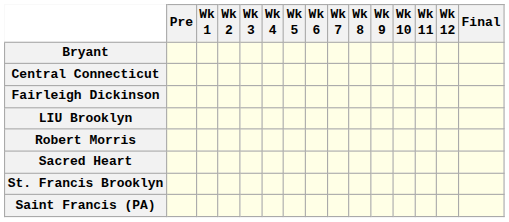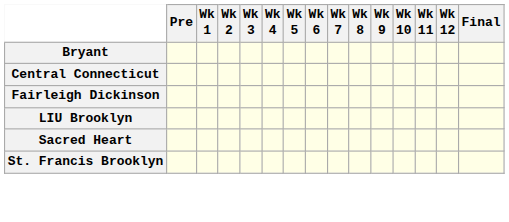 <table class="wikitable" style="white-space:nowrap;font-size:90%;">
 <tr>
 <th style="background:white; border-top-style:hidden; border-left-style:hidden;"> </th>
 <th>Pre</th>
 <th>Wk<br>1</th>
 <th>Wk<br>2</th>
 <th>Wk<br>3</th>
 <th>Wk<br>4</th>
 <th>Wk<br>5</th>
 <th>Wk<br>6</th>
 <th>Wk<br>7</th>
 <th>Wk<br>8</th>
 <th>Wk<br>9</th>
 <th>Wk<br>10</th>
 <th>Wk<br>11</th>
 <th>Wk<br>12</th>
 <th>Final</th>
 </tr>
 <tr style="text-align:center;">
 <th style="background:#">Bryant</th>
 <td style="background:#FFFFE6;"></td>
 <td style="background:#FFFFE6;"></td>
 <td style="background:#FFFFE6;"></td>
 <td style="background:#FFFFE6;"></td>
 <td style="background:#FFFFE6;"></td>
 <td style="background:#FFFFE6;"></td>
 <td style="background:#FFFFE6;"></td>
 <td style="background:#FFFFE6;"></td>
 <td style="background:#FFFFE6;"></td>
 <td style="background:#FFFFE6;"></td>
 <td style="background:#FFFFE6;"></td>
 <td style="background:#FFFFE6;"></td>
 <td style="background:#FFFFE6;"></td>
 <td style="background:#FFFFE6;"></td>
 </tr>
 <tr style="text-align:center;">
 <th style="background:#">Central Connecticut</th>
 <td style="background:#FFFFE6;"></td>
 <td style="background:#FFFFE6;"></td>
 <td style="background:#FFFFE6;"></td>
 <td style="background:#FFFFE6;"></td>
 <td style="background:#FFFFE6;"></td>
 <td style="background:#FFFFE6;"></td>
 <td style="background:#FFFFE6;"></td>
 <td style="background:#FFFFE6;"></td>
 <td style="background:#FFFFE6;"></td>
 <td style="background:#FFFFE6;"></td>
 <td style="background:#FFFFE6;"></td>
 <td style="background:#FFFFE6;"></td>
 <td style="background:#FFFFE6;"></td>
 <td style="background:#FFFFE6;"></td>
 </tr>
 <tr style="text-align:center;">
 <th style="background:#">Fairleigh Dickinson</th>
 <td style="background:#FFFFE6;"></td>
 <td style="background:#FFFFE6;"></td>
 <td style="background:#FFFFE6;"></td>
 <td style="background:#FFFFE6;"></td>
 <td style="background:#FFFFE6;"></td>
 <td style="background:#FFFFE6;"></td>
 <td style="background:#FFFFE6;"></td>
 <td style="background:#FFFFE6;"></td>
 <td style="background:#FFFFE6;"></td>
 <td style="background:#FFFFE6;"></td>
 <td style="background:#FFFFE6;"></td>
 <td style="background:#FFFFE6;"></td>
 <td style="background:#FFFFE6;"></td>
 <td style="background:#FFFFE6;"></td>
 </tr>
 <tr style="text-align:center;">
 <th style="background:#">LIU Brooklyn</th>
 <td style="background:#FFFFE6;"></td>
 <td style="background:#FFFFE6;"></td>
 <td style="background:#FFFFE6;"></td>
 <td style="background:#FFFFE6;"></td>
 <td style="background:#FFFFE6;"></td>
 <td style="background:#FFFFE6;"></td>
 <td style="background:#FFFFE6;"></td>
 <td style="background:#FFFFE6;"></td>
 <td style="background:#FFFFE6;"></td>
 <td style="background:#FFFFE6;"></td>
 <td style="background:#FFFFE6;"></td>
 <td style="background:#FFFFE6;"></td>
 <td style="background:#FFFFE6;"></td>
 <td style="background:#FFFFE6;"></td>
 </tr>
 <tr style="text-align:center;">
-<th style="background:#">Robert Morris</th>
-<td style="background:#FFFFE6;"></td>
-<td style="background:#FFFFE6;"></td>
-<td style="background:#FFFFE6;"></td>
-<td style="background:#FFFFE6;"></td>
-<td style="background:#FFFFE6;"></td>
-<td style="background:#FFFFE6;"></td>
-<td style="background:#FFFFE6;"></td>
-<td style="background:#FFFFE6;"></td>
-<td style="background:#FFFFE6;"></td>
-<td style="background:#FFFFE6;"></td>
-<td style="background:#FFFFE6;"></td>
-<td style="background:#FFFFE6;"></td>
-<td style="background:#FFFFE6;"></td>
-<td style="background:#FFFFE6;"></td>
-</tr>
-<tr style="text-align:center;">
 <th style="background:#">Sacred Heart</th>
 <td style="background:#FFFFE6;"></td>
 <td style="background:#FFFFE6;"></td>
 <td style="background:#FFFFE6;"></td>
 <td style="background:#FFFFE6;"></td>
 <td style="background:#FFFFE6;"></td>
 <td style="background:#FFFFE6;"></td>
 <td style="background:#FFFFE6;"></td>
 <td style="background:#FFFFE6;"></td>
 <td style="background:#FFFFE6;"></td>
 <td style="background:#FFFFE6;"></td>
 <td style="background:#FFFFE6;"></td>
 <td style="background:#FFFFE6;"></td>
 <td style="background:#FFFFE6;"></td>
 <td style="background:#FFFFE6;"></td>
 </tr>
 <tr style="text-align:center;">
 <th style="background:#">St. Francis Brooklyn</th>
 <td style="background:#FFFFE6;"></td>
 <td style="background:#FFFFE6;"></td>
 <td style="background:#FFFFE6;"></td>
 <td style="background:#FFFFE6;"></td>
 <td style="background:#FFFFE6;"></td>
 <td style="background:#FFFFE6;"></td>
 <td style="background:#FFFFE6;"></td>
 <td style="background:#FFFFE6;"></td>
 <td style="background:#FFFFE6;"></td>
 <td style="background:#FFFFE6;"></td>
 <td style="background:#FFFFE6;"></td>
 <td style="background:#FFFFE6;"></td>
 <td style="background:#FFFFE6;"></td>
 <td style="background:#FFFFE6;"></td>
 </tr>
-<tr style="text-align:center;">
-<th style="background:#">Saint Francis (PA)</th>
-<td style="background:#FFFFE6;"></td>
-<td style="background:#FFFFE6;"></td>
-<td style="background:#FFFFE6;"></td>
-<td style="background:#FFFFE6;"></td>
-<td style="background:#FFFFE6;"></td>
-<td style="background:#FFFFE6;"></td>
-<td style="background:#FFFFE6;"></td>
-<td style="background:#FFFFE6;"></td>
-<td style="background:#FFFFE6;"></td>
-<td style="background:#FFFFE6;"></td>
-<td style="background:#FFFFE6;"></td>
-<td style="background:#FFFFE6;"></td>
-<td style="background:#FFFFE6;"></td>
-<td style="background:#FFFFE6;"></td>
-</tr>
 </table>
